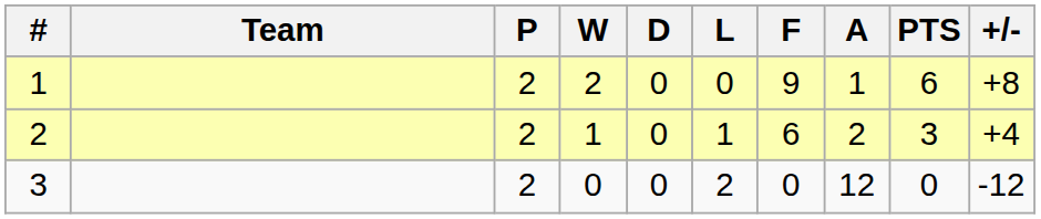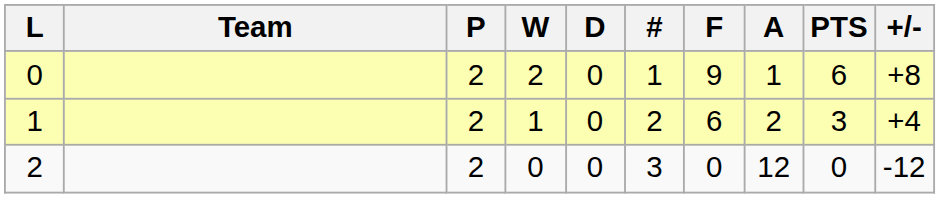 <table class="wikitable" border="1">
 <tr>
-<th width="25">#</th>
+<th width="25">L</th>
 <th width="200">Team</th>
 <th width="25">P</th>
 <th width="25">W</th>
 <th width="25">D</th>
-<th width="25">L</th>
+<th width="25">#</th>
 <th width="25">F</th>
 <th width="25">A</th>
 <th width="25">PTS</th>
 <th width="25">+/-</th>
 </tr>
 <tr bgcolor="FCFFB2">
-<td align="center">1</td>
+<td align="center">0</td>
 <td></td>
 <td align="center">2</td>
 <td align="center">2</td>
 <td align="center">0</td>
-<td align="center">0</td>
+<td align="center">1</td>
 <td align="center">9</td>
 <td align="center">1</td>
 <td align="center">6</td>
 <td align="center">+8</td>
 </tr>
 <tr bgcolor="FCFFB2">
-<td align="center">2</td>
+<td align="center">1</td>
 <td></td>
 <td align="center">2</td>
 <td align="center">1</td>
 <td align="center">0</td>
-<td align="center">1</td>
+<td align="center">2</td>
 <td align="center">6</td>
 <td align="center">2</td>
 <td align="center">3</td>
 <td align="center">+4</td>
 </tr>
 <tr>
-<td align="center">3</td>
+<td align="center">2</td>
 <td></td>
 <td align="center">2</td>
 <td align="center">0</td>
 <td align="center">0</td>
-<td align="center">2</td>
+<td align="center">3</td>
 <td align="center">0</td>
 <td align="center">12</td>
 <td align="center">0</td>
 <td align="center">-12</td>
 </tr>
 </table>
